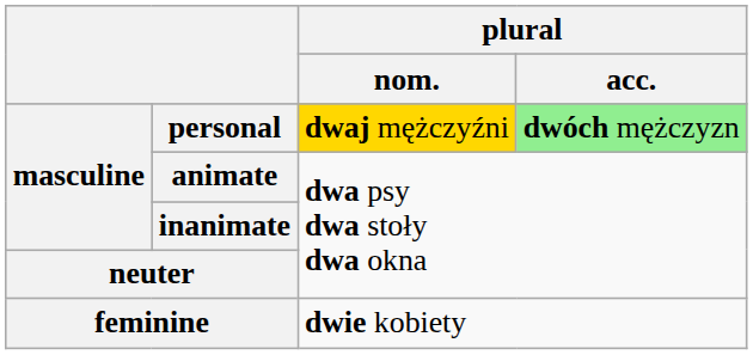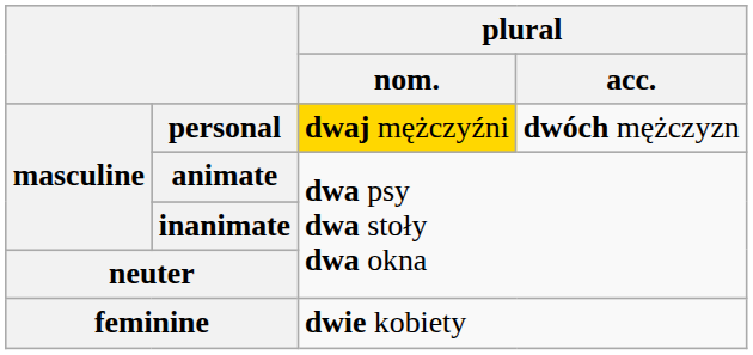 <table class="wikitable">
 <tr>
 <th colspan="2" rowspan="2"></th>
 <th colspan="2">plural</th>
 </tr>
 <tr>
 <th>nom.</th>
 <th>acc.</th>
 </tr>
 <tr>
 <th rowspan="3"><strong>masculine</strong></th>
 <th>personal</th>
 <td style="background: gold;"><strong>dwaj</strong> mężczyźni</td>
-<td style="background: lightgreen;"><strong>dwóch</strong> mężczyzn</td>
+<td><strong>dwóch</strong> mężczyzn</td>
 </tr>
 <tr>
 <th>animate</th>
 <td colspan="2" rowspan="3"><strong>dwa</strong> psy<br><strong>dwa</strong> stoły<br><strong>dwa</strong> okna</td>
 </tr>
 <tr>
 <th>inanimate</th>
 </tr>
 <tr>
 <th colspan="2"><strong>neuter</strong></th>
 </tr>
 <tr>
 <th colspan="2"><strong>feminine</strong></th>
 <td colspan="2"><strong>dwie</strong> kobiety</td>
 </tr>
 </table>
